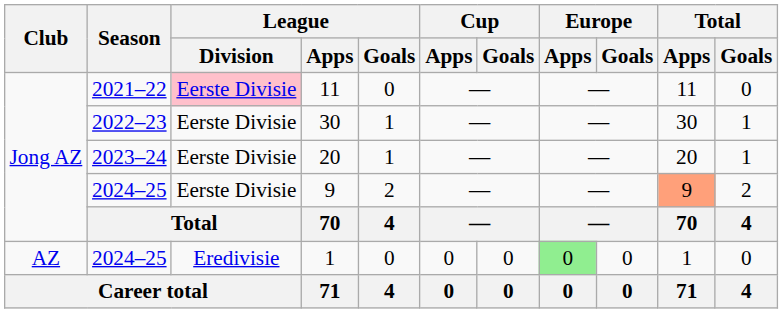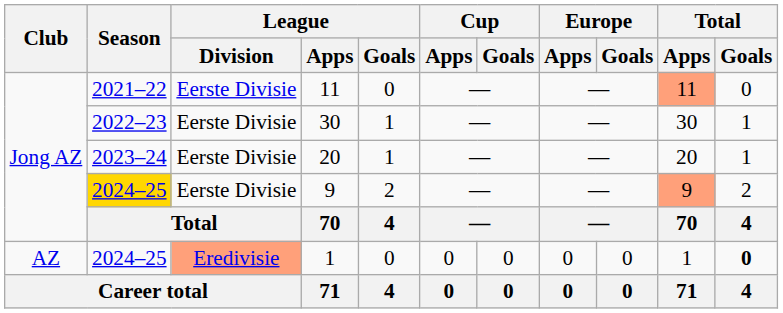 <table class="wikitable" style="text-align:center">
 <tr>
 <th rowspan="2">Club</th>
 <th rowspan="2">Season</th>
 <th colspan="3">League</th>
 <th colspan="2">Cup</th>
 <th colspan="2">Europe</th>
 <th colspan="2">Total</th>
 </tr>
 <tr>
 <th>Division</th>
 <th>Apps</th>
 <th>Goals</th>
 <th>Apps</th>
 <th>Goals</th>
 <th>Apps</th>
 <th>Goals</th>
 <th>Apps</th>
 <th>Goals</th>
 </tr>
 <tr>
 <td rowspan="5"><a href='#'>Jong AZ</a></td>
 <td><a href='#'>2021–22</a></td>
-<td style="background: pink;"><a href='#'>Eerste Divisie</a></td>
+<td><a href='#'>Eerste Divisie</a></td>
 <td>11</td>
 <td>0</td>
 <td colspan="2">—</td>
 <td colspan="2">—</td>
-<td>11</td>
+<td style="background: lightsalmon;">11</td>
 <td>0</td>
 </tr>
 <tr>
 <td><a href='#'>2022–23</a></td>
 <td>Eerste Divisie</td>
 <td>30</td>
 <td>1</td>
 <td colspan="2">—</td>
 <td colspan="2">—</td>
 <td>30</td>
 <td>1</td>
 </tr>
 <tr>
 <td><a href='#'>2023–24</a></td>
 <td>Eerste Divisie</td>
 <td>20</td>
 <td>1</td>
 <td colspan="2">—</td>
 <td colspan="2">—</td>
 <td>20</td>
 <td>1</td>
 </tr>
 <tr>
-<td><a href='#'>2024–25</a></td>
+<td style="background: gold;"><a href='#'>2024–25</a></td>
 <td>Eerste Divisie</td>
 <td>9</td>
 <td>2</td>
 <td colspan="2">—</td>
 <td colspan="2">—</td>
 <td style="background: lightsalmon;">9</td>
 <td>2</td>
 </tr>
 <tr>
 <th colspan="2">Total</th>
 <th>70</th>
 <th>4</th>
 <th colspan="2">—</th>
 <th colspan="2">—</th>
 <th>70</th>
 <th>4</th>
 </tr>
 <tr>
 <td><a href='#'>AZ</a></td>
 <td><a href='#'>2024–25</a></td>
-<td><a href='#'>Eredivisie</a></td>
+<td style="background: lightsalmon;"><a href='#'>Eredivisie</a></td>
 <td>1</td>
 <td>0</td>
 <td>0</td>
 <td>0</td>
-<td style="background: lightgreen;">0</td>
+<td>0</td>
 <td>0</td>
 <td>1</td>
-<td>0</td>
+<td><strong>0</strong></td>
 </tr>
 <tr>
 <th colspan="3">Career total</th>
 <th>71</th>
 <th>4</th>
 <th>0</th>
 <th>0</th>
 <th>0</th>
 <th>0</th>
 <th>71</th>
 <th>4</th>
 </tr>
 </table>
